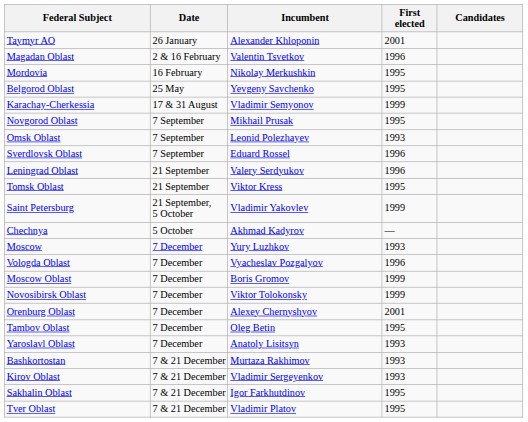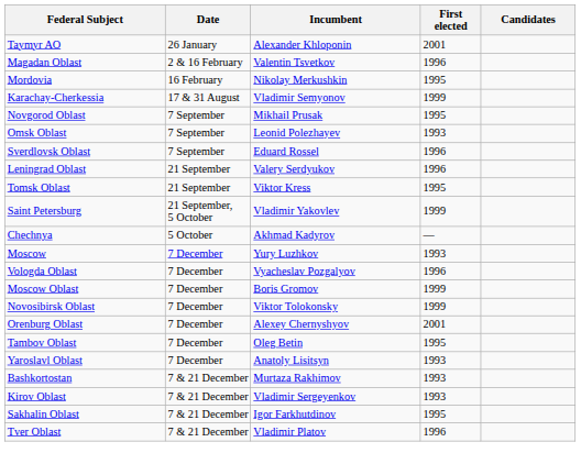 <table class="wikitable sortable">
 <tr>
 <th>Federal Subject</th>
 <th style="width: 15%">Date</th>
 <th>Incumbent</th>
 <th>First<br>elected</th>
 <th>Candidates</th>
 </tr>
 <tr>
 <td><a href='#'>Taymyr AO</a></td>
 <td>26 January</td>
 <td><a href='#'>Alexander Khloponin</a></td>
 <td>2001</td>
 <td nowrap></td>
 </tr>
 <tr>
 <td><a href='#'>Magadan Oblast</a></td>
 <td>2 & 16 February</td>
 <td><a href='#'>Valentin Tsvetkov</a></td>
 <td>1996</td>
 <td nowrap></td>
 </tr>
 <tr>
 <td><a href='#'>Mordovia</a></td>
 <td>16 February</td>
 <td><a href='#'>Nikolay Merkushkin</a></td>
-<td>1995</td>
-<td nowrap></td>
-</tr>
-<tr>
-<td><a href='#'>Belgorod Oblast</a></td>
-<td>25 May</td>
-<td><a href='#'>Yevgeny Savchenko</a></td>
 <td>1995</td>
 <td nowrap></td>
 </tr>
 <tr>
 <td><a href='#'>Karachay-Cherkessia</a></td>
 <td>17 & 31 August</td>
 <td><a href='#'>Vladimir Semyonov</a></td>
 <td>1999</td>
 <td nowrap></td>
 </tr>
 <tr>
 <td><a href='#'>Novgorod Oblast</a></td>
 <td>7 September</td>
 <td><a href='#'>Mikhail Prusak</a></td>
 <td>1995</td>
 <td nowrap></td>
 </tr>
 <tr>
 <td><a href='#'>Omsk Oblast</a></td>
 <td>7 September</td>
 <td><a href='#'>Leonid Polezhayev</a></td>
 <td>1993</td>
 <td nowrap></td>
 </tr>
 <tr>
 <td><a href='#'>Sverdlovsk Oblast</a></td>
 <td>7 September</td>
 <td><a href='#'>Eduard Rossel</a></td>
 <td>1996</td>
 <td nowrap></td>
 </tr>
 <tr>
 <td><a href='#'>Leningrad Oblast</a></td>
 <td>21 September</td>
 <td><a href='#'>Valery Serdyukov</a></td>
 <td>1996</td>
 <td nowrap></td>
 </tr>
 <tr>
 <td><a href='#'>Tomsk Oblast</a></td>
 <td>21 September</td>
 <td><a href='#'>Viktor Kress</a></td>
 <td>1995</td>
 <td nowrap></td>
 </tr>
 <tr>
 <td><a href='#'>Saint Petersburg</a></td>
 <td>21 September,<br>5 October</td>
 <td><a href='#'>Vladimir Yakovlev</a></td>
 <td>1999</td>
 <td nowrap></td>
 </tr>
 <tr>
 <td><a href='#'>Chechnya</a></td>
 <td>5 October</td>
 <td><a href='#'>Akhmad Kadyrov</a></td>
 <td>—</td>
 <td nowrap></td>
 </tr>
 <tr>
 <td><a href='#'>Moscow</a></td>
 <td><a href='#'>7 December</a></td>
 <td><a href='#'>Yury Luzhkov</a></td>
 <td>1993</td>
 <td nowrap></td>
 </tr>
 <tr>
 <td><a href='#'>Vologda Oblast</a></td>
 <td>7 December</td>
 <td><a href='#'>Vyacheslav Pozgalyov</a></td>
 <td>1996</td>
 <td nowrap></td>
 </tr>
 <tr>
 <td><a href='#'>Moscow Oblast</a></td>
 <td>7 December</td>
 <td><a href='#'>Boris Gromov</a></td>
 <td>1999</td>
 <td nowrap></td>
 </tr>
 <tr>
 <td><a href='#'>Novosibirsk Oblast</a></td>
 <td>7 December</td>
 <td><a href='#'>Viktor Tolokonsky</a></td>
 <td>1999</td>
 <td nowrap></td>
 </tr>
 <tr>
 <td><a href='#'>Orenburg Oblast</a></td>
 <td>7 December</td>
 <td><a href='#'>Alexey Chernyshyov</a></td>
 <td>2001</td>
 <td nowrap></td>
 </tr>
 <tr>
 <td><a href='#'>Tambov Oblast</a></td>
 <td>7 December</td>
 <td><a href='#'>Oleg Betin</a></td>
 <td>1995</td>
 <td nowrap></td>
 </tr>
 <tr>
 <td><a href='#'>Yaroslavl Oblast</a></td>
 <td>7 December</td>
 <td><a href='#'>Anatoly Lisitsyn</a></td>
 <td>1993</td>
 <td nowrap></td>
 </tr>
 <tr>
 <td><a href='#'>Bashkortostan</a></td>
 <td>7 & 21 December</td>
 <td><a href='#'>Murtaza Rakhimov</a></td>
 <td>1993</td>
 <td nowrap></td>
 </tr>
 <tr>
 <td><a href='#'>Kirov Oblast</a></td>
 <td>7 & 21 December</td>
 <td><a href='#'>Vladimir Sergeyenkov</a></td>
 <td>1993</td>
 <td nowrap></td>
 </tr>
 <tr>
 <td><a href='#'>Sakhalin Oblast</a></td>
 <td>7 & 21 December</td>
 <td><a href='#'>Igor Farkhutdinov</a></td>
 <td>1995</td>
 <td nowrap></td>
 </tr>
 <tr>
 <td><a href='#'>Tver Oblast</a></td>
 <td>7 & 21 December</td>
 <td><a href='#'>Vladimir Platov</a></td>
-<td>1995</td>
+<td>1996</td>
 <td nowrap></td>
 </tr>
 </table>
